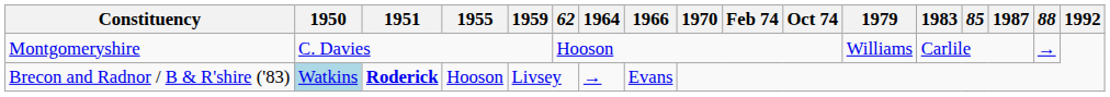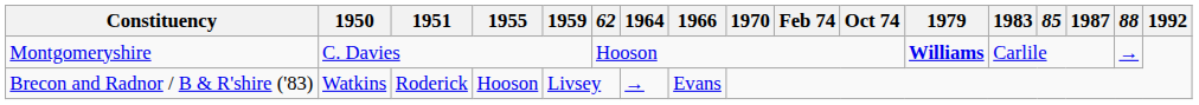 <table class="wikitable">
 <tr>
 <th>Constituency</th>
 <th>1950</th>
 <th>1951</th>
 <th>1955</th>
 <th>1959</th>
 <th><em>62</em></th>
 <th>1964</th>
 <th>1966</th>
 <th>1970</th>
 <th>Feb 74</th>
 <th>Oct 74</th>
 <th>1979</th>
 <th>1983</th>
 <th><em>85</em></th>
 <th>1987</th>
 <th><em>88</em></th>
 <th>1992</th>
 </tr>
 <tr>
 <td><a href='#'>Montgomeryshire</a></td>
 <td colspan="4"><a href='#'>C. Davies</a></td>
 <td colspan="6"><a href='#'>Hooson</a></td>
-<td><a href='#'>Williams</a></td>
+<td><strong><a href='#'>Williams</a></strong></td>
 <td colspan="3"><a href='#'>Carlile</a></td>
 <td><a href='#'>→</a></td>
 </tr>
 <tr>
 <td><a href='#'>Brecon and Radnor</a> / <a href='#'>B & R'shire</a> ('83)</td>
-<td style="background: lightblue;"><a href='#'>Watkins</a></td>
-<td><strong><a href='#'>Roderick</a></strong></td>
+<td><a href='#'>Watkins</a></td>
+<td><a href='#'>Roderick</a></td>
 <td><a href='#'>Hooson</a></td>
 <td colspan="2"><a href='#'>Livsey</a></td>
 <td><a href='#'>→</a></td>
 <td><a href='#'>Evans</a></td>
 </tr>
 </table>
